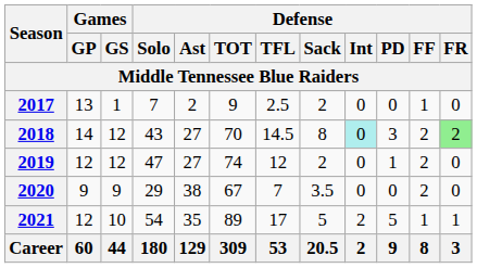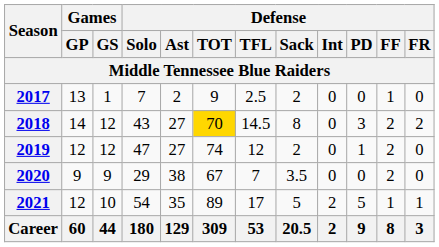 <table class="wikitable" style="text-align:center;">
 <tr>
 <th rowspan="2">Season</th>
 <th colspan="2">Games</th>
 <th colspan="9">Defense</th>
 </tr>
 <tr>
 <th>GP</th>
 <th>GS</th>
 <th>Solo</th>
 <th>Ast</th>
 <th>TOT</th>
 <th>TFL</th>
 <th>Sack</th>
 <th>Int</th>
 <th>PD</th>
 <th>FF</th>
 <th>FR</th>
 </tr>
 <tr>
 <th colspan="16">Middle Tennessee Blue Raiders</th>
 </tr>
 <tr>
 <th><a href='#'>2017</a></th>
 <td>13</td>
 <td>1</td>
 <td>7</td>
 <td>2</td>
 <td>9</td>
 <td>2.5</td>
 <td>2</td>
 <td>0</td>
 <td>0</td>
 <td>1</td>
 <td>0</td>
 </tr>
 <tr>
 <th><a href='#'>2018</a></th>
 <td>14</td>
 <td>12</td>
 <td>43</td>
 <td>27</td>
-<td>70</td>
+<td style="background: gold;">70</td>
 <td>14.5</td>
 <td>8</td>
-<td style="background: paleturquoise;">0</td>
+<td>0</td>
 <td>3</td>
 <td>2</td>
-<td style="background: lightgreen;">2</td>
+<td>2</td>
 </tr>
 <tr>
 <th><a href='#'>2019</a></th>
 <td>12</td>
 <td>12</td>
 <td>47</td>
 <td>27</td>
 <td>74</td>
 <td>12</td>
 <td>2</td>
 <td>0</td>
 <td>1</td>
 <td>2</td>
 <td>0</td>
 </tr>
 <tr>
 <th><a href='#'>2020</a></th>
 <td>9</td>
 <td>9</td>
 <td>29</td>
 <td>38</td>
 <td>67</td>
 <td>7</td>
 <td>3.5</td>
 <td>0</td>
 <td>0</td>
 <td>2</td>
 <td>0</td>
 </tr>
 <tr>
 <th><a href='#'>2021</a></th>
 <td>12</td>
 <td>10</td>
 <td>54</td>
 <td>35</td>
 <td>89</td>
 <td>17</td>
 <td>5</td>
 <td>2</td>
 <td>5</td>
 <td>1</td>
 <td>1</td>
 </tr>
 <tr>
 <th>Career</th>
 <th>60</th>
 <th>44</th>
 <th>180</th>
 <th>129</th>
 <th>309</th>
 <th>53</th>
 <th>20.5</th>
 <th>2</th>
 <th>9</th>
 <th>8</th>
 <th>3</th>
 </tr>
 </table>
